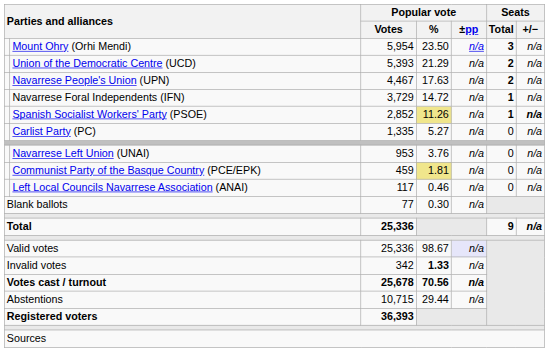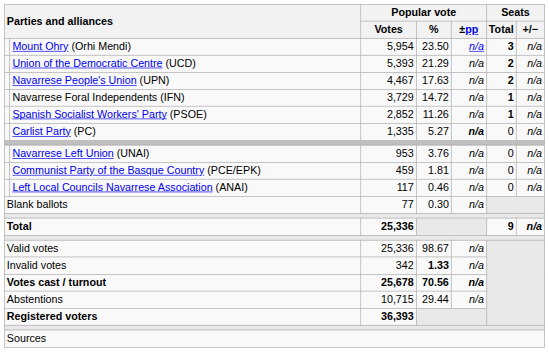 <table class="wikitable" style="text-align:right;">
 <tr>
 <th style="text-align:left;" rowspan="2" colspan="2" width="525">Parties and alliances</th>
 <th colspan="3">Popular vote</th>
 <th colspan="2">Seats</th>
 </tr>
 <tr>
 <th width="75">Votes</th>
 <th width="45">%</th>
 <th width="45">±<a href='#'>pp</a></th>
 <th width="35">Total</th>
 <th width="35">+/−</th>
 </tr>
 <tr>
 <td width="1" style="color:inherit;background:"></td>
 <td align="left"><a href='#'>Mount Ohry</a> (Orhi Mendi)</td>
 <td>5,954</td>
 <td>23.50</td>
 <td><em><a href='#'>n/a</a></em></td>
 <td><strong>3</strong></td>
 <td><em>n/a</em></td>
 </tr>
 <tr>
 <td style="color:inherit;background:"></td>
 <td align="left"><a href='#'>Union of the Democratic Centre</a> (UCD)</td>
 <td>5,393</td>
 <td>21.29</td>
 <td><em>n/a</em></td>
 <td><strong>2</strong></td>
 <td><em>n/a</em></td>
 </tr>
 <tr>
 <td style="color:inherit;background:"></td>
 <td align="left"><a href='#'>Navarrese People's Union</a> (UPN)</td>
 <td>4,467</td>
 <td>17.63</td>
 <td><em>n/a</em></td>
 <td><strong>2</strong></td>
 <td><em>n/a</em></td>
 </tr>
 <tr>
 <td style="color:inherit;background:"></td>
 <td align="left">Navarrese Foral Independents (IFN)</td>
 <td>3,729</td>
 <td>14.72</td>
 <td><em>n/a</em></td>
 <td><strong>1</strong></td>
 <td><em>n/a</em></td>
 </tr>
 <tr>
 <td style="color:inherit;background:"></td>
 <td align="left"><a href='#'>Spanish Socialist Workers' Party</a> (PSOE)</td>
 <td>2,852</td>
-<td style="background: khaki;">11.26</td>
+<td>11.26</td>
 <td><em>n/a</em></td>
 <td><strong>1</strong></td>
-<td><strong><em>n/a</em></strong></td>
+<td><em>n/a</em></td>
 </tr>
 <tr>
 <td style="color:inherit;background:"></td>
 <td align="left"><a href='#'>Carlist Party</a> (PC)</td>
 <td>1,335</td>
 <td>5.27</td>
-<td><em>n/a</em></td>
+<td><strong><em>n/a</em></strong></td>
 <td>0</td>
 <td><em>n/a</em></td>
 </tr>
 <tr>
 <td colspan="7" bgcolor="#C0C0C0"></td>
 </tr>
 <tr>
 <td style="color:inherit;background:"></td>
 <td align="left"><a href='#'>Navarrese Left Union</a> (UNAI)</td>
 <td>953</td>
 <td>3.76</td>
 <td><em>n/a</em></td>
 <td>0</td>
 <td><em>n/a</em></td>
 </tr>
 <tr>
 <td style="color:inherit;background:"></td>
 <td align="left"><a href='#'>Communist Party of the Basque Country</a> (PCE/EPK)</td>
 <td>459</td>
-<td style="background: khaki;">1.81</td>
+<td>1.81</td>
 <td><em>n/a</em></td>
 <td>0</td>
 <td><em>n/a</em></td>
 </tr>
 <tr>
 <td style="color:inherit;background:"></td>
 <td align="left"><a href='#'>Left Local Councils Navarrese Association</a> (ANAI)</td>
 <td>117</td>
 <td>0.46</td>
 <td><em>n/a</em></td>
 <td>0</td>
 <td><em>n/a</em></td>
 </tr>
 <tr>
 <td align="left" colspan="2">Blank ballots</td>
 <td>77</td>
 <td>0.30</td>
 <td><em>n/a</em></td>
 <td bgcolor="#E9E9E9" colspan="2"></td>
 </tr>
 <tr>
 <td colspan="7" bgcolor="#E9E9E9"></td>
 </tr>
 <tr style="font-weight:bold;">
 <td align="left" colspan="2">Total</td>
 <td>25,336</td>
 <td bgcolor="#E9E9E9" colspan="2"></td>
 <td>9</td>
 <td><em>n/a</em></td>
 </tr>
 <tr>
 <td colspan="7" bgcolor="#E9E9E9"></td>
 </tr>
 <tr>
 <td align="left" colspan="2">Valid votes</td>
 <td>25,336</td>
 <td>98.67</td>
-<td style="background: lavender;"><em>n/a</em></td>
+<td><em>n/a</em></td>
 <td bgcolor="#E9E9E9" colspan="2" rowspan="5"></td>
 </tr>
 <tr>
 <td align="left" colspan="2">Invalid votes</td>
 <td>342</td>
 <td><strong>1.33</strong></td>
 <td><em>n/a</em></td>
 </tr>
 <tr style="font-weight:bold;">
 <td align="left" colspan="2">Votes cast / turnout</td>
 <td>25,678</td>
 <td>70.56</td>
 <td><em>n/a</em></td>
 </tr>
 <tr>
 <td align="left" colspan="2">Abstentions</td>
 <td>10,715</td>
 <td>29.44</td>
 <td><em>n/a</em></td>
 </tr>
 <tr style="font-weight:bold;">
 <td align="left" colspan="2">Registered voters</td>
 <td>36,393</td>
 <td bgcolor="#E9E9E9" colspan="2"></td>
 </tr>
 <tr>
 <td colspan="7" bgcolor="#E9E9E9"></td>
 </tr>
 <tr>
 <td align="left" colspan="7">Sources</td>
 </tr>
 </table>
